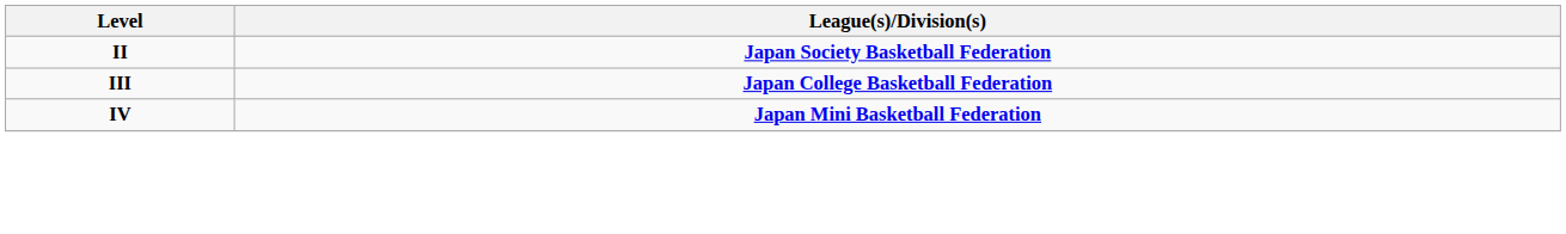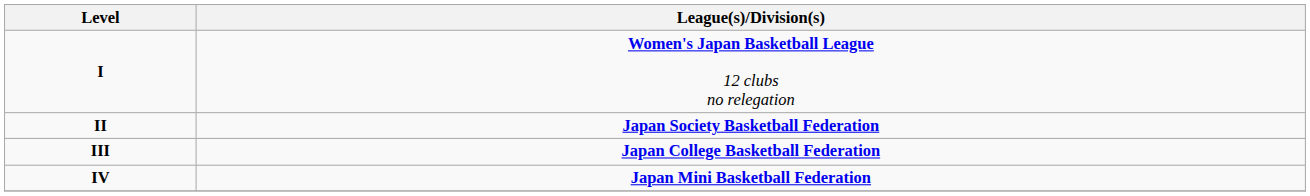 <table class="wikitable" style="text-align: center;" width="100%">
 <tr>
 <th>Level</th>
 <th>League(s)/Division(s)</th>
+</tr>
+<tr>
+<td><strong>I</strong></td>
+<td><strong><a href='#'>Women's Japan Basketball League</a></strong><br><br><em>12 clubs</em><br> <em>no relegation</em></td>
 </tr>
 <tr>
 <td><strong>II</strong></td>
 <td><strong><a href='#'>Japan Society Basketball Federation</a></strong></td>
 </tr>
 <tr>
 <td><strong>III</strong></td>
 <td><strong><a href='#'>Japan College Basketball Federation</a></strong></td>
 </tr>
 <tr>
 <td><strong>IV</strong></td>
 <td><strong><a href='#'>Japan Mini Basketball Federation</a></strong></td>
 </tr>
 <tr>
 </tr>
 </table>
